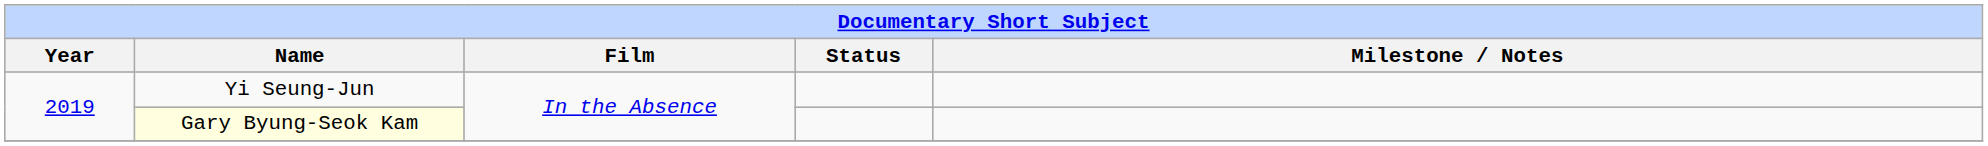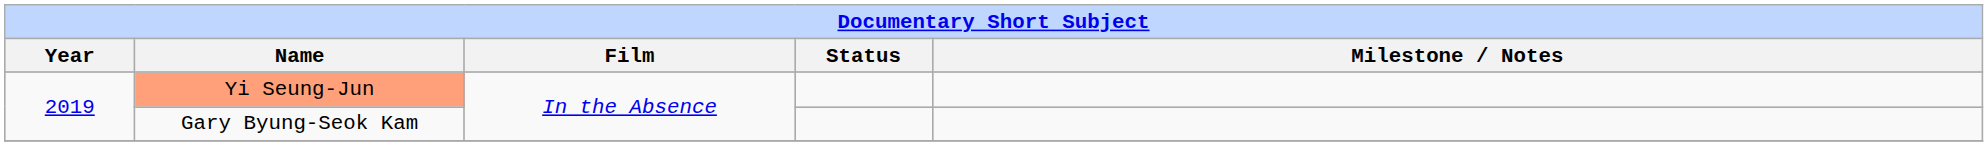 <table class="wikitable" style="text-align: center">
 <tr style="background:#bfd7ff;">
 <td colspan="6" style="text-align: center;"><strong><a href='#'>Documentary Short Subject</a></strong></td>
 </tr>
 <tr style="background:#ebf5ff;">
 <th style="width:075px;">Year</th>
 <th style="width:200px;">Name</th>
 <th style="width:200px;">Film</th>
 <th style="width:080px;">Status</th>
 <th style="width:650px;">Milestone / Notes</th>
 </tr>
 <tr>
 <td rowspan="2"><a href='#'>2019</a><br></td>
-<td>Yi Seung-Jun</td>
+<td style="background: lightsalmon;">Yi Seung-Jun</td>
 <td rowspan="2"><em><a href='#'>In the Absence</a></em></td>
 <td></td>
 <td></td>
 </tr>
 <tr>
-<td style="background: lightyellow;">Gary Byung-Seok Kam</td>
+<td>Gary Byung-Seok Kam</td>
 <td></td>
 <td></td>
 </tr>
 <tr>
 </tr>
 </table>
